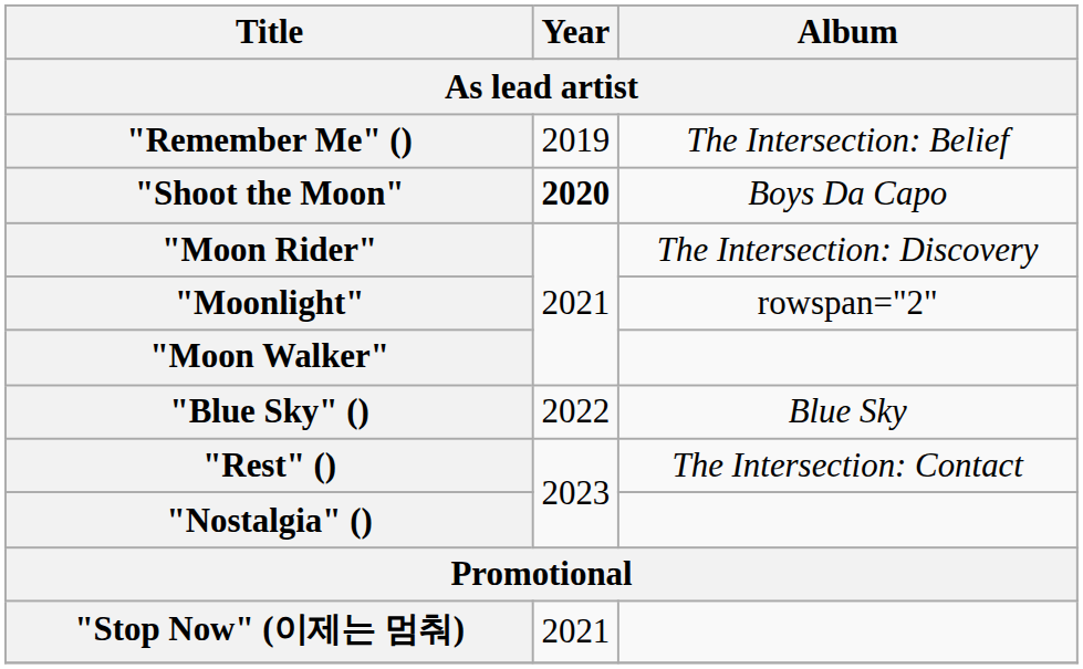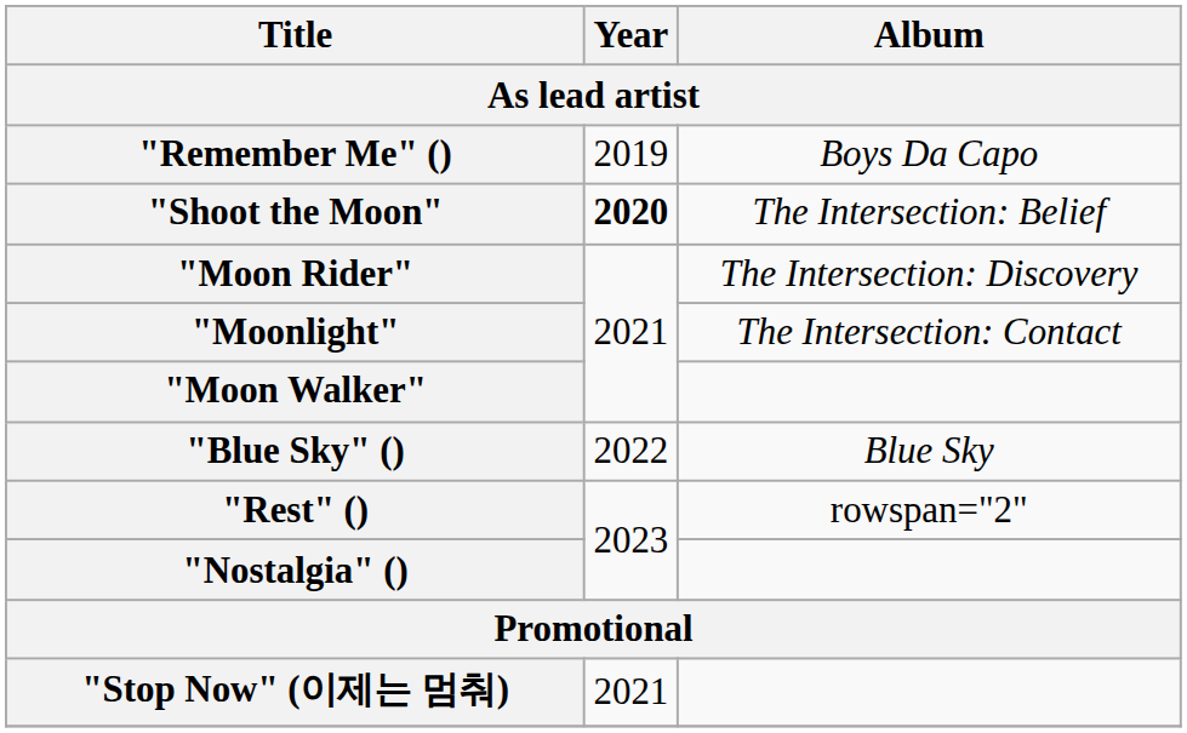 <table class="wikitable plainrowheaders" style="text-align:center;">
 <tr>
 <th scope="col" style="width:15em;">Title</th>
 <th scope="col" style="width:2em;">Year</th>
 <th scope="col" style="width:13em;">Album</th>
 </tr>
 <tr>
 <th colspan="3">As lead artist</th>
 </tr>
 <tr>
 <th scope="row">"Remember Me" ()</th>
 <td>2019</td>
-<td><em>The Intersection: Belief</em></td>
+<td><em>Boys Da Capo</em></td>
 </tr>
 <tr>
 <th scope="row">"Shoot the Moon"</th>
 <td><strong>2020</strong></td>
-<td><em>Boys Da Capo</em></td>
+<td><em>The Intersection: Belief</em></td>
 </tr>
 <tr>
 <th scope="row">"Moon Rider"</th>
 <td rowspan="3">2021</td>
 <td><em>The Intersection: Discovery</em></td>
 </tr>
 <tr>
 <th scope="row">"Moonlight"</th>
-<td>rowspan="2" </td>
+<td><em>The Intersection: Contact</em></td>
 </tr>
 <tr>
 <th scope="row">"Moon Walker"</th>
 <td></td>
 </tr>
 <tr>
 <th scope="row">"Blue Sky" ()</th>
 <td>2022</td>
 <td><em>Blue Sky</em></td>
 </tr>
 <tr>
 <th scope="row">"Rest" ()</th>
 <td rowspan="2">2023</td>
-<td><em>The Intersection: Contact</em></td>
+<td>rowspan="2" </td>
 </tr>
 <tr>
 <th scope="row">"Nostalgia" () <br></th>
 </tr>
 <tr>
 <th colspan="3">Promotional</th>
 </tr>
 <tr>
 <th scope="row">"Stop Now" (이제는 멈춰)</th>
 <td>2021</td>
 <td></td>
 </tr>
 <tr>
 </tr>
 </table>
